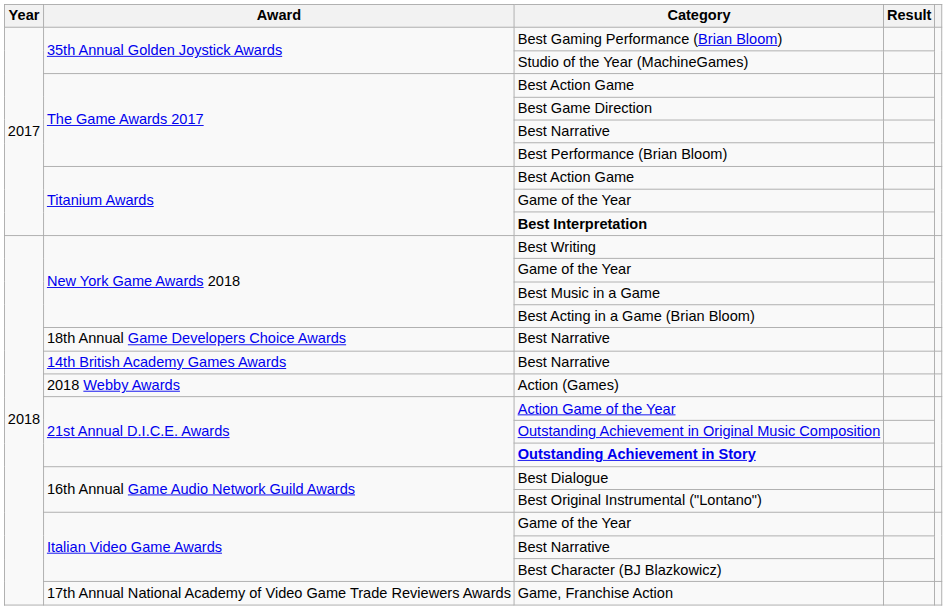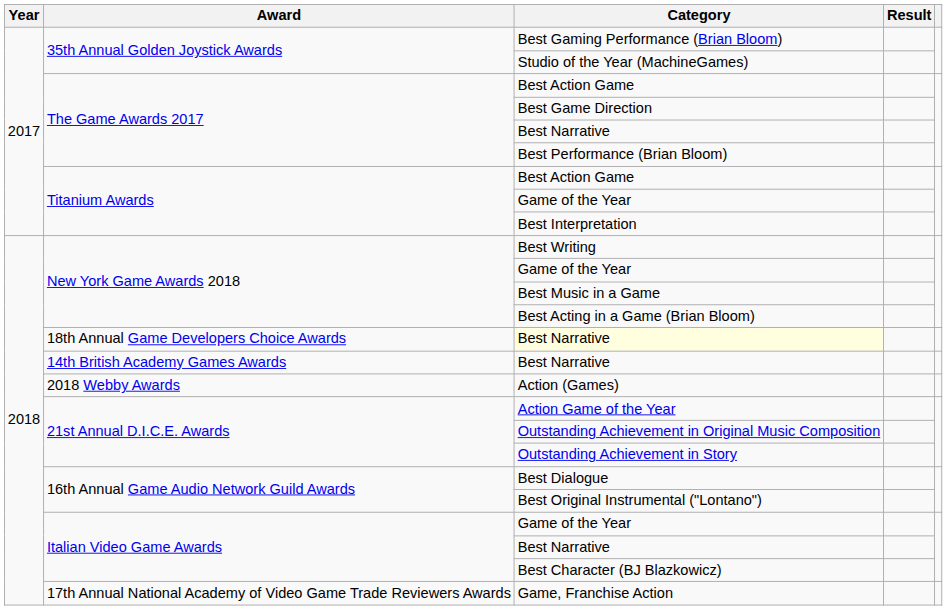 <table class="wikitable sortable">
 <tr>
 <th>Year</th>
 <th>Award</th>
 <th>Category</th>
 <th>Result</th>
 <th></th>
 </tr>
 <tr>
 <td style="text-align:center;" rowspan="9">2017</td>
 <td rowspan="2"><a href='#'>35th Annual Golden Joystick Awards</a></td>
 <td>Best Gaming Performance (<a href='#'>Brian Bloom</a>)</td>
 <td></td>
 <td rowspan="2" style="text-align:center;"></td>
 </tr>
 <tr>
 <td>Studio of the Year (MachineGames)</td>
 <td></td>
 </tr>
 <tr>
 <td rowspan="4"><a href='#'>The Game Awards 2017</a></td>
 <td>Best Action Game</td>
 <td></td>
 <td rowspan="4" style="text-align:center;"></td>
 </tr>
 <tr>
 <td>Best Game Direction</td>
 <td></td>
 </tr>
 <tr>
 <td>Best Narrative</td>
 <td></td>
 </tr>
 <tr>
 <td>Best Performance (Brian Bloom)</td>
 <td></td>
 </tr>
 <tr>
 <td rowspan="3"><a href='#'>Titanium Awards</a></td>
 <td>Best Action Game</td>
 <td></td>
 <td rowspan="3" style="text-align:center;"></td>
 </tr>
 <tr>
 <td>Game of the Year</td>
 <td></td>
 </tr>
 <tr>
-<td><strong>Best Interpretation</strong></td>
+<td>Best Interpretation</td>
 <td></td>
 </tr>
 <tr>
 <td rowspan="16">2018</td>
 <td rowspan="4"><a href='#'>New York Game Awards</a> 2018</td>
 <td>Best Writing</td>
 <td></td>
 <td rowspan="4" style="text-align:center;"></td>
 </tr>
 <tr>
 <td>Game of the Year</td>
 <td></td>
 </tr>
 <tr>
 <td>Best Music in a Game</td>
 <td></td>
 </tr>
 <tr>
 <td>Best Acting in a Game (Brian Bloom)</td>
 <td></td>
 </tr>
 <tr>
 <td>18th Annual <a href='#'>Game Developers Choice Awards</a></td>
-<td>Best Narrative</td>
+<td style="background: lightyellow;">Best Narrative</td>
 <td></td>
 <td align="center"></td>
 </tr>
 <tr>
 <td><a href='#'>14th British Academy Games Awards</a></td>
 <td>Best Narrative</td>
 <td></td>
 <td align="center"></td>
 </tr>
 <tr>
 <td>2018 <a href='#'>Webby Awards</a></td>
 <td>Action (Games)</td>
 <td></td>
 <td align="center"></td>
 </tr>
 <tr>
 <td rowspan="3"><a href='#'>21st Annual D.I.C.E. Awards</a></td>
 <td><a href='#'>Action Game of the Year</a></td>
 <td></td>
 <td rowspan="3" style="text-align:center;"></td>
 </tr>
 <tr>
 <td><a href='#'>Outstanding Achievement in Original Music Composition</a></td>
 <td></td>
 </tr>
 <tr>
-<td><strong><a href='#'>Outstanding Achievement in Story</a></strong></td>
+<td><a href='#'>Outstanding Achievement in Story</a></td>
 <td></td>
 </tr>
 <tr>
 <td rowspan="2">16th Annual <a href='#'>Game Audio Network Guild Awards</a></td>
 <td>Best Dialogue</td>
 <td></td>
 <td rowspan="2" style="text-align:center;"></td>
 </tr>
 <tr>
 <td>Best Original Instrumental ("Lontano")</td>
 <td></td>
 </tr>
 <tr>
 <td rowspan="3"><a href='#'>Italian Video Game Awards</a></td>
 <td>Game of the Year</td>
 <td></td>
 <td rowspan="3" style="text-align:center;"></td>
 </tr>
 <tr>
 <td>Best Narrative</td>
 <td></td>
 </tr>
 <tr>
 <td>Best Character (BJ Blazkowicz)</td>
 <td></td>
 </tr>
 <tr>
 <td>17th Annual National Academy of Video Game Trade Reviewers Awards</td>
 <td>Game, Franchise Action</td>
 <td></td>
 <td align="center"></td>
 </tr>
 </table>
